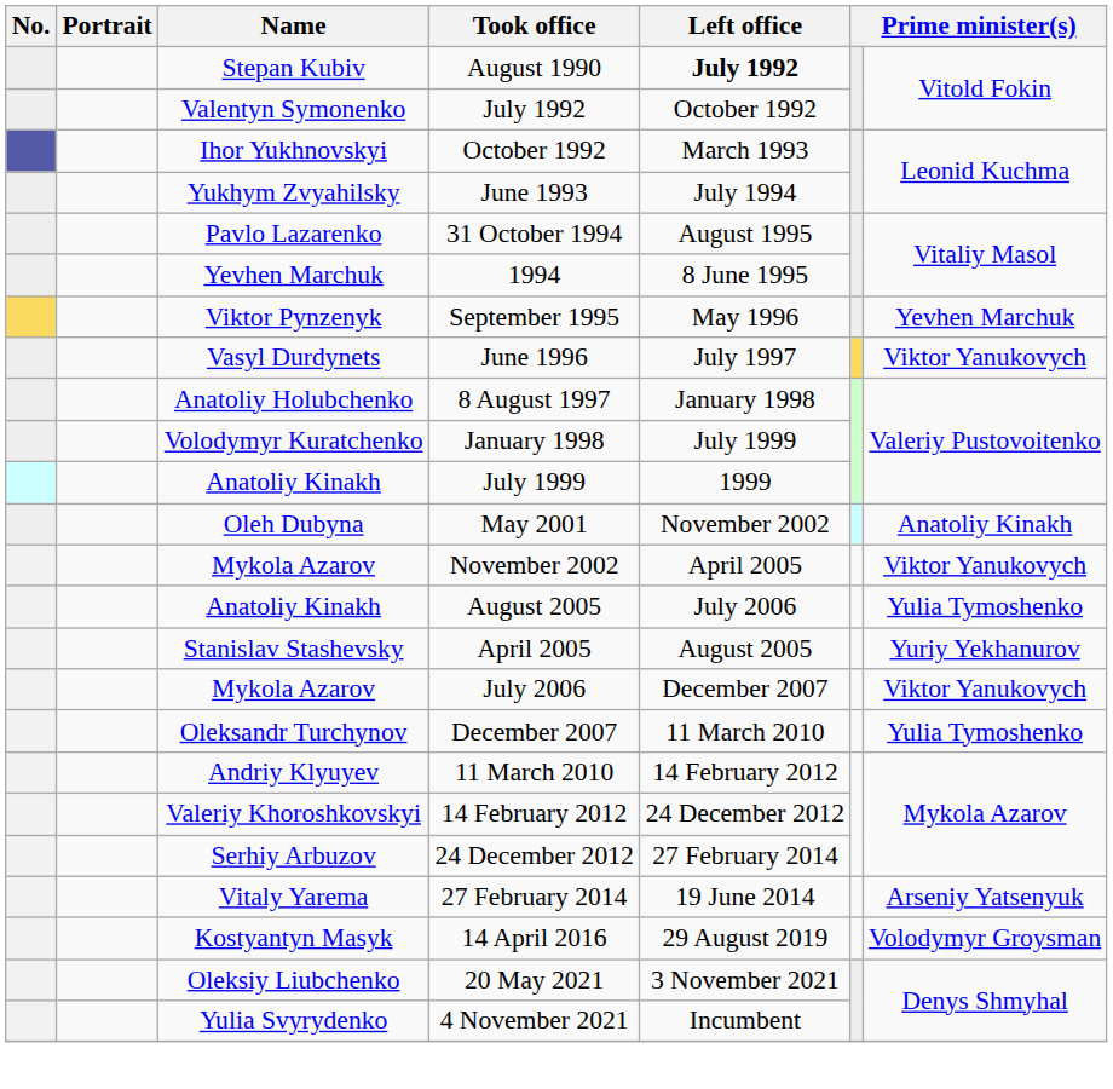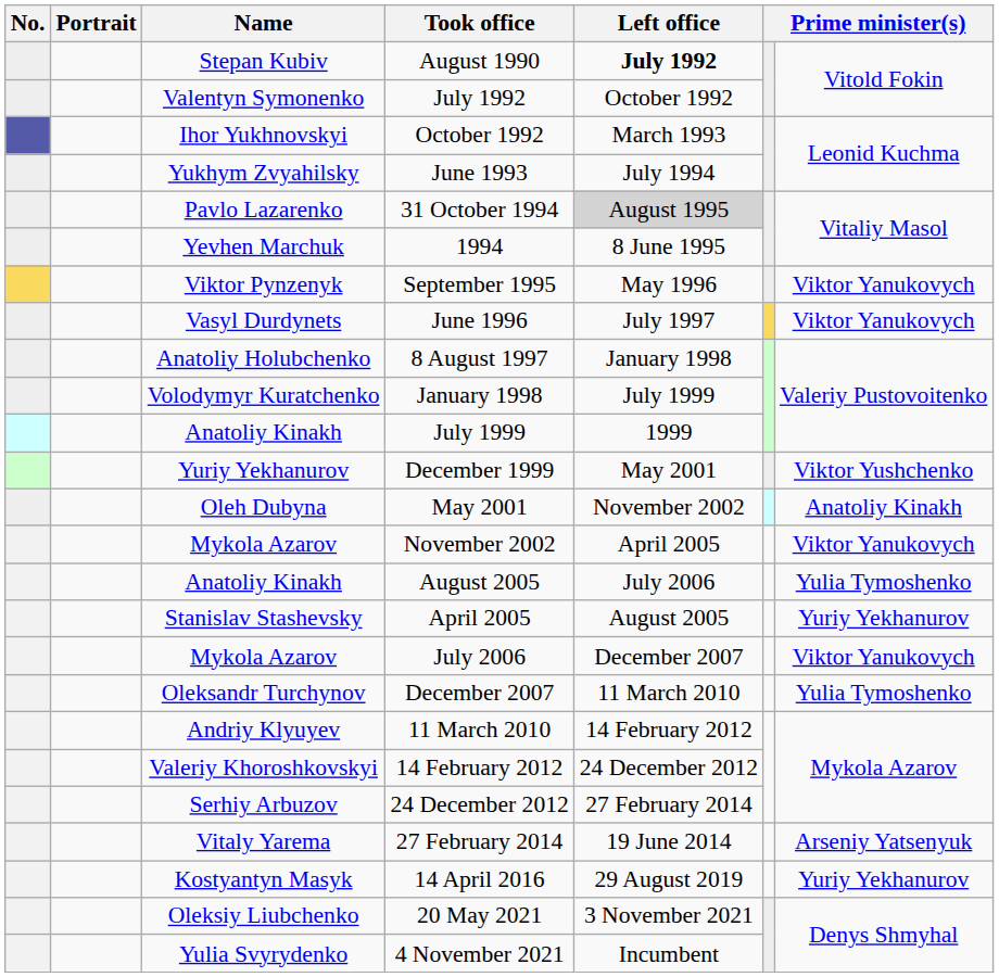 <table class="wikitable" style="text-align:center; font-size:100%;">
 <tr>
 <th>No.</th>
 <th>Portrait</th>
 <th>Name</th>
 <th>Took office</th>
 <th>Left office</th>
 <th colspan="2"><a href='#'>Prime minister(s)</a></th>
 </tr>
 <tr>
 <th style="background: #EEEEEE;"></th>
 <td></td>
 <td><a href='#'>Stepan Kubiv</a></td>
 <td>August 1990</td>
 <td><strong>July 1992</strong></td>
 <td rowspan=2 style="background:#EEEEEE;"></td>
 <td rowspan=2><a href='#'>Vitold Fokin</a></td>
 </tr>
 <tr>
 <th style="background: #EEEEEE;"></th>
 <td></td>
 <td><a href='#'>Valentyn Symonenko</a></td>
 <td>July 1992</td>
 <td>October 1992</td>
 </tr>
 <tr>
 <th style="background: #545AA7;"></th>
 <td></td>
 <td><a href='#'>Ihor Yukhnovskyi</a></td>
 <td>October 1992</td>
 <td>March 1993</td>
 <td rowspan=2 style="background:#EEEEEE;"></td>
 <td rowspan=2><a href='#'>Leonid Kuchma</a></td>
 </tr>
 <tr>
 <th style="background: #EEEEEE;"></th>
 <td></td>
 <td><a href='#'>Yukhym Zvyahilsky</a></td>
 <td>June 1993</td>
 <td>July 1994</td>
 </tr>
 <tr>
 <th style="background: #EEEEEE;"></th>
 <td></td>
 <td><a href='#'>Pavlo Lazarenko</a></td>
 <td>31 October 1994</td>
-<td>August 1995</td>
+<td style="background: lightgrey;">August 1995</td>
 <td rowspan=2 style="background:#EEEEEE;"></td>
 <td rowspan=2><a href='#'>Vitaliy Masol</a></td>
 </tr>
 <tr>
 <th style="background: #EEEEEE;"></th>
 <td></td>
 <td><a href='#'>Yevhen Marchuk</a></td>
 <td>1994</td>
 <td>8 June 1995</td>
 </tr>
 <tr>
 <th style="background: #FADA5E;"></th>
 <td></td>
 <td><a href='#'>Viktor Pynzenyk</a></td>
 <td>September 1995</td>
 <td>May 1996</td>
 <td rowspan=1 style="background:#EEEEEE;"></td>
-<td rowspan=1><a href='#'>Yevhen Marchuk</a></td>
+<td rowspan=1><a href='#'>Viktor Yanukovych</a></td>
 </tr>
 <tr>
 <th style="background: #EEEEEE;"></th>
 <td></td>
 <td><a href='#'>Vasyl Durdynets</a></td>
 <td>June 1996</td>
 <td>July 1997</td>
 <td rowspan=1 style="background:#FADA5E;"></td>
 <td rowspan=1><a href='#'>Viktor Yanukovych</a></td>
 </tr>
 <tr>
 <th style="background: #EEEEEE;"></th>
 <td></td>
 <td><a href='#'>Anatoliy Holubchenko</a></td>
 <td>8 August 1997</td>
 <td>January 1998</td>
 <td rowspan=3 style="background:#CCFFCC;"></td>
 <td rowspan=3><a href='#'>Valeriy Pustovoitenko</a></td>
 </tr>
 <tr>
 <th style="background: #EEEEEE;"></th>
 <td></td>
 <td><a href='#'>Volodymyr Kuratchenko</a></td>
 <td>January 1998</td>
 <td>July 1999</td>
 </tr>
 <tr>
 <th style="background: #CCFFFF;"></th>
 <td></td>
 <td><a href='#'>Anatoliy Kinakh</a></td>
 <td>July 1999</td>
 <td>1999</td>
+</tr>
+<tr>
+<th style="background: #CCFFCC;"></th>
+<td></td>
+<td><a href='#'>Yuriy Yekhanurov</a></td>
+<td>December 1999</td>
+<td>May 2001</td>
+<td rowspan=1 style="background:#EEEEEE;"></td>
+<td rowspan=1><a href='#'>Viktor Yushchenko</a></td>
 </tr>
 <tr>
 <th style="background: #EEEEEE;"></th>
 <td></td>
 <td><a href='#'>Oleh Dubyna</a></td>
 <td>May 2001</td>
 <td>November 2002</td>
 <td rowspan=1 style="background:#CCFFFF;"></td>
 <td rowspan=1><a href='#'>Anatoliy Kinakh</a></td>
 </tr>
 <tr>
 <th style="background: "></th>
 <td></td>
 <td><a href='#'>Mykola Azarov</a></td>
 <td>November 2002</td>
 <td>April 2005</td>
 <td rowspan=1 style="background:"></td>
 <td rowspan=1><a href='#'>Viktor Yanukovych</a></td>
 </tr>
 <tr>
 <th style="background:  #CCFFFF};"></th>
 <td></td>
 <td><a href='#'>Anatoliy Kinakh</a></td>
 <td>August 2005</td>
 <td>July 2006</td>
 <td rowspan=1 style="background:"></td>
 <td rowspan=1><a href='#'>Yulia Tymoshenko</a></td>
 </tr>
 <tr>
 <th style="background:"></th>
 <td></td>
 <td><a href='#'>Stanislav Stashevsky</a></td>
 <td>April 2005</td>
 <td>August 2005</td>
 <td rowspan=1 style="background:"></td>
 <td rowspan=1><a href='#'>Yuriy Yekhanurov</a></td>
 </tr>
 <tr>
 <th style="background: "></th>
 <td></td>
 <td><a href='#'>Mykola Azarov</a></td>
 <td>July 2006</td>
 <td>December 2007</td>
 <td rowspan=1 style="background:"></td>
 <td rowspan=1><a href='#'>Viktor Yanukovych</a></td>
 </tr>
 <tr>
 <th style="background: "></th>
 <td></td>
 <td><a href='#'>Oleksandr Turchynov</a></td>
 <td>December 2007</td>
 <td>11 March 2010</td>
 <td rowspan=1 style="background:"></td>
 <td rowspan=1><a href='#'>Yulia Tymoshenko</a></td>
 </tr>
 <tr>
 <th style="background:"></th>
 <td></td>
 <td><a href='#'>Andriy Klyuyev</a></td>
 <td>11 March 2010</td>
 <td>14 February 2012</td>
 <td rowspan=3 style="background:"></td>
 <td rowspan=3><a href='#'>Mykola Azarov</a></td>
 </tr>
 <tr>
 <th style="background:"></th>
 <td></td>
 <td><a href='#'>Valeriy Khoroshkovskyi</a></td>
 <td>14 February 2012</td>
 <td>24 December 2012</td>
 </tr>
 <tr>
 <th style="background:"></th>
 <td></td>
 <td><a href='#'>Serhiy Arbuzov</a></td>
 <td>24 December 2012</td>
 <td>27 February 2014</td>
 </tr>
 <tr>
 <th style="background:"></th>
 <td></td>
 <td><a href='#'>Vitaly Yarema</a></td>
 <td>27 February 2014</td>
 <td>19 June 2014</td>
 <td rowspan=1 style="background:"></td>
 <td rowspan=1><a href='#'>Arseniy Yatsenyuk</a></td>
 </tr>
 <tr>
 <th style="background: "></th>
 <td></td>
 <td><a href='#'>Kostyantyn Masyk</a></td>
 <td>14 April 2016</td>
 <td>29 August 2019</td>
 <td rowspan=1 style="background:"></td>
-<td rowspan=1><a href='#'>Volodymyr Groysman</a></td>
+<td rowspan=1><a href='#'>Yuriy Yekhanurov</a></td>
 </tr>
 <tr>
 <th style="background:  #CCFFFF};"></th>
 <td></td>
 <td><a href='#'>Oleksiy Liubchenko</a></td>
 <td>20 May 2021</td>
 <td>3 November 2021</td>
 <td rowspan="2" style="background:#EEEEEE;"></td>
 <td rowspan="2"><a href='#'>Denys Shmyhal</a></td>
 </tr>
 <tr>
 <th style="background:  #CCFFFF};"></th>
 <td></td>
 <td><a href='#'>Yulia Svyrydenko</a></td>
 <td>4 November 2021</td>
 <td>Incumbent</td>
 </tr>
 <tr>
 </tr>
 </table>
